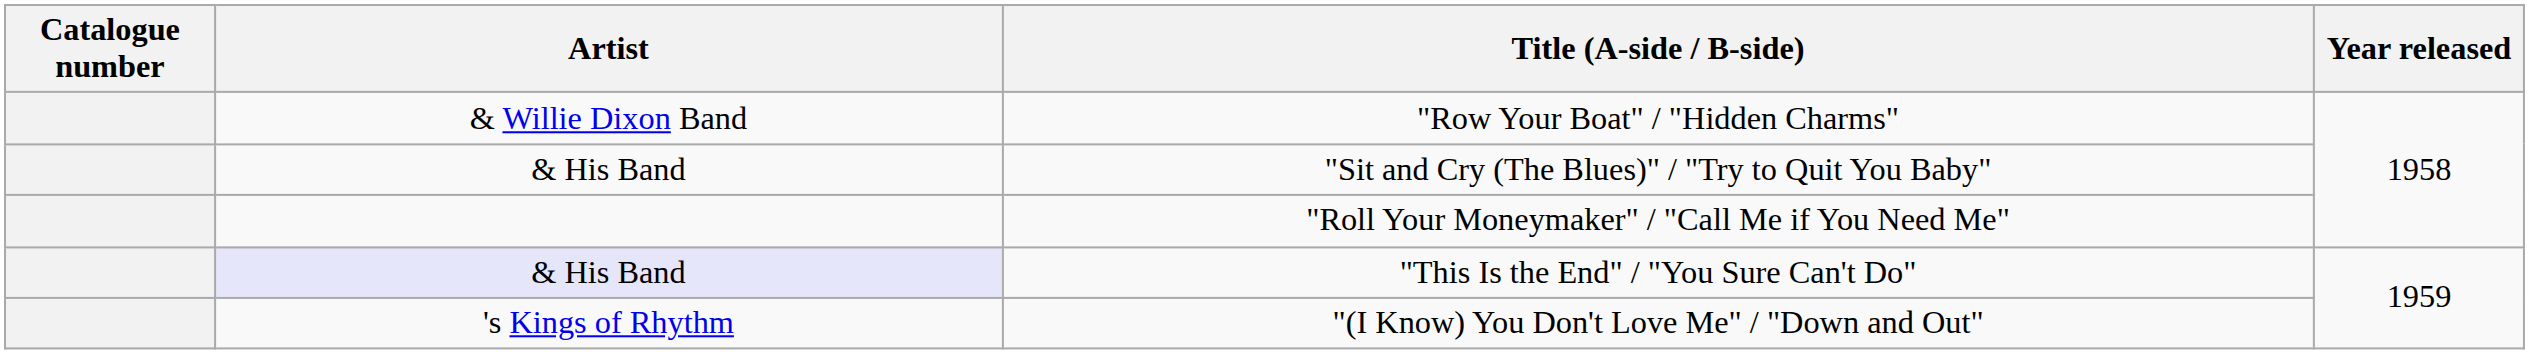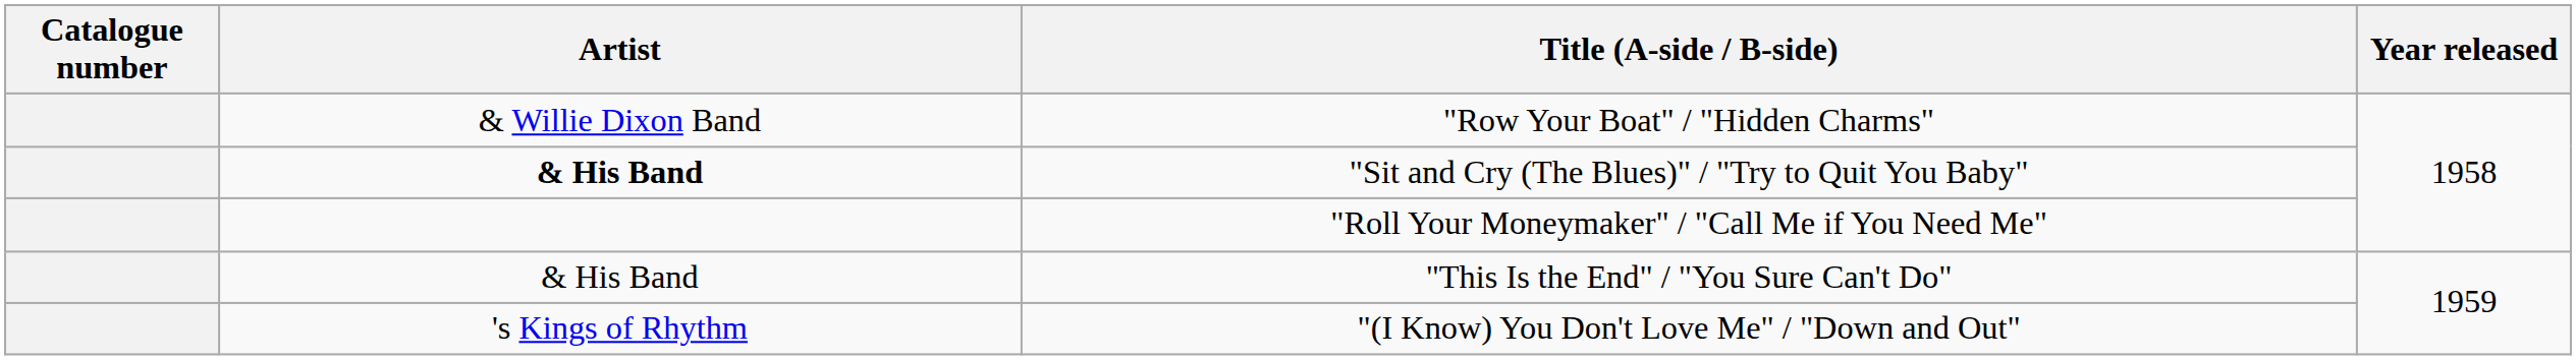 <table class="wikitable sortable plainrowheaders" style="text-align:center;">
 <tr>
 <th scope="col" width=8%>Catalogue number</th>
 <th scope="col" width=30%>Artist</th>
 <th scope="col" width=50% class="unsortable">Title (A-side / B-side)</th>
 <th scope="col" width=8%>Year released</th>
 </tr>
 <tr>
 <th scope="row"></th>
 <td> & <a href='#'>Willie Dixon</a> Band</td>
 <td>"Row Your Boat" / "Hidden Charms"</td>
 <td rowspan="3">1958</td>
 </tr>
 <tr>
 <th scope="row"></th>
-<td> & His Band</td>
+<td><strong> & His Band</strong></td>
 <td>"Sit and Cry (The Blues)" / "Try to Quit You Baby"</td>
 </tr>
 <tr>
 <th scope="row"></th>
 <td></td>
 <td>"Roll Your Moneymaker" / "Call Me if You Need Me"</td>
 </tr>
 <tr>
 <th scope="row"></th>
-<td style="background: lavender;"> & His Band</td>
+<td> & His Band</td>
 <td>"This Is the End" / "You Sure Can't Do"</td>
 <td rowspan="2">1959</td>
 </tr>
 <tr>
 <th scope="row"></th>
 <td>'s <a href='#'>Kings of Rhythm</a></td>
 <td>"(I Know) You Don't Love Me" / "Down and Out"</td>
 </tr>
 </table>
